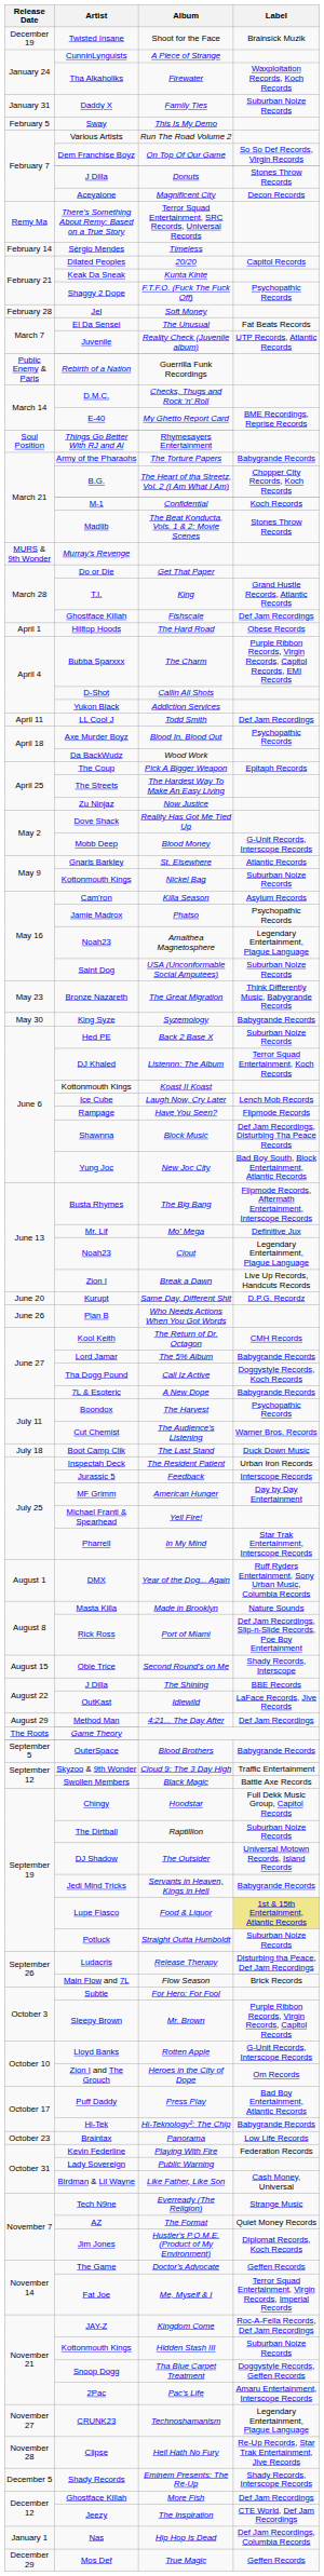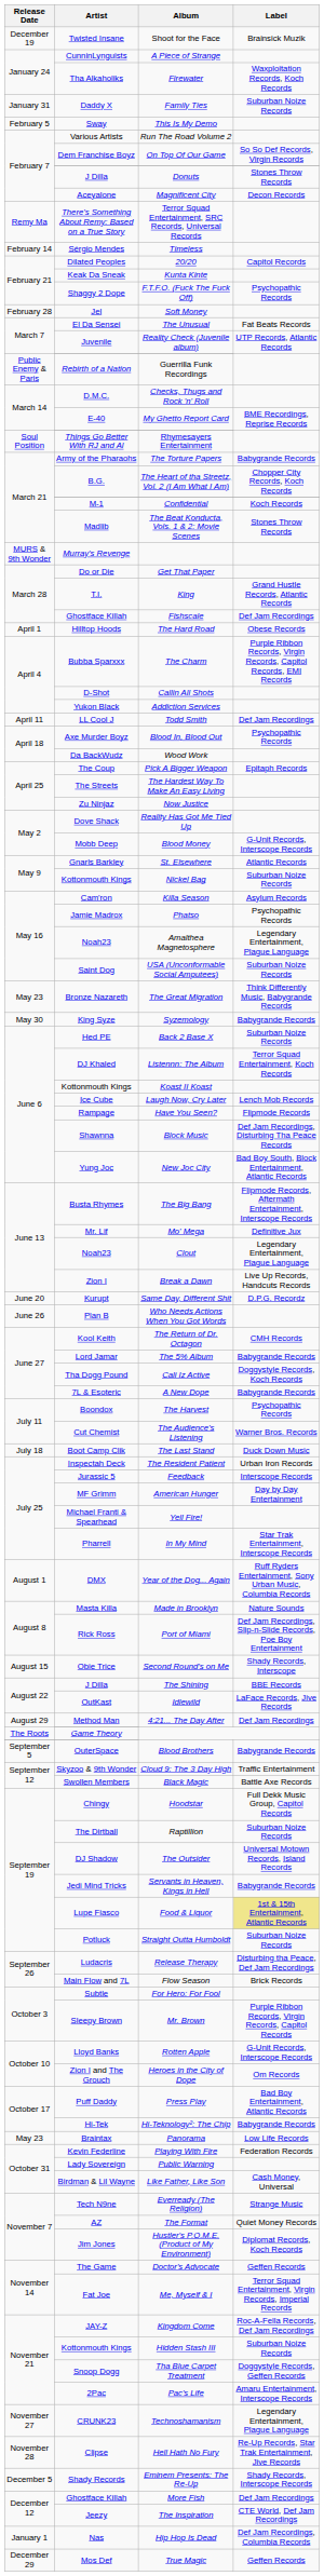 <table class="wikitable" style="text-align:center;">
 <tr>
 <th scope="col">Release Date</th>
 <th scope="col">Artist</th>
 <th scope="col">Album</th>
 <th scope="col">Label</th>
 </tr>
 <tr>
 <td>December 19</td>
 <td><a href='#'>Twisted Insane</a></td>
 <td>Shoot for the Face</td>
 <td>Brainsick Muzik</td>
 </tr>
 <tr>
 <td rowspan="2">January 24</td>
 <td><a href='#'>CunninLynguists</a></td>
 <td><em><a href='#'>A Piece of Strange</a></em></td>
 <td></td>
 </tr>
 <tr>
 <td><a href='#'>Tha Alkaholiks</a></td>
 <td><em><a href='#'>Firewater</a></em></td>
 <td><a href='#'>Waxploitation Records</a>, <a href='#'>Koch Records</a></td>
 </tr>
 <tr>
 <td>January 31</td>
 <td><a href='#'>Daddy X</a></td>
 <td><em><a href='#'>Family Ties</a></em></td>
 <td><a href='#'>Suburban Noize Records</a></td>
 </tr>
 <tr>
 <td>February 5</td>
 <td><a href='#'>Sway</a></td>
 <td><em><a href='#'>This Is My Demo</a></em></td>
 <td></td>
 </tr>
 <tr>
 <td rowspan="5">February 7</td>
 <td>Various Artists</td>
 <td><em>Run The Road Volume 2</em></td>
 <td></td>
 </tr>
 <tr>
 <td><a href='#'>Dem Franchise Boyz</a></td>
 <td><em><a href='#'>On Top Of Our Game</a></em></td>
 <td><a href='#'>So So Def Records</a>, <a href='#'>Virgin Records</a></td>
 </tr>
 <tr>
 </tr>
 <tr>
 <td><a href='#'>J Dilla</a></td>
 <td><em><a href='#'>Donuts</a></em></td>
 <td><a href='#'>Stones Throw Records</a></td>
 </tr>
 <tr>
 <td><a href='#'>Aceyalone</a></td>
 <td><em><a href='#'>Magnificent City</a></em></td>
 <td><a href='#'>Decon Records</a></td>
 </tr>
 <tr>
 <td><a href='#'>Remy Ma</a></td>
 <td><em><a href='#'>There's Something About Remy: Based on a True Story</a></em></td>
 <td><a href='#'>Terror Squad Entertainment</a>, <a href='#'>SRC Records</a>, <a href='#'>Universal Records</a></td>
 </tr>
 <tr>
 <td>February 14</td>
 <td><a href='#'>Sérgio Mendes</a></td>
 <td><em><a href='#'>Timeless</a></em></td>
 <td></td>
 </tr>
 <tr>
 <td rowspan="3">February 21</td>
 <td><a href='#'>Dilated Peoples</a></td>
 <td><em><a href='#'>20/20</a></em></td>
 <td><a href='#'>Capitol Records</a></td>
 </tr>
 <tr>
 <td><a href='#'>Keak Da Sneak</a></td>
 <td><em><a href='#'>Kunta Kinte</a></em></td>
 <td></td>
 </tr>
 <tr>
 <td><a href='#'>Shaggy 2 Dope</a></td>
 <td><em><a href='#'>F.T.F.O. (Fuck The Fuck Off)</a></em></td>
 <td><a href='#'>Psychopathic Records</a></td>
 </tr>
 <tr>
 <td>February 28</td>
 <td><a href='#'>Jel</a></td>
 <td><em><a href='#'>Soft Money</a></em></td>
 <td></td>
 </tr>
 <tr>
 <td rowspan="3">March 7</td>
 <td><a href='#'>El Da Sensei</a></td>
 <td><em><a href='#'>The Unusual</a></em></td>
 <td>Fat Beats Records</td>
 </tr>
 <tr>
 <td><a href='#'>Juvenile</a></td>
 <td><em><a href='#'>Reality Check (Juvenile album)</a></em></td>
 <td><a href='#'>UTP Records</a>, <a href='#'>Atlantic Records</a></td>
 </tr>
 <tr>
 </tr>
 <tr>
 <td><a href='#'>Public Enemy</a> & <a href='#'>Paris</a></td>
 <td><em><a href='#'>Rebirth of a Nation</a></em></td>
 <td>Guerrilla Funk Recordings</td>
 </tr>
 <tr>
 <td rowspan="3">March 14</td>
 <td><a href='#'>D.M.C.</a></td>
 <td><em><a href='#'>Checks, Thugs and Rock 'n' Roll</a></em></td>
 <td></td>
 </tr>
 <tr>
 <td><a href='#'>E-40</a></td>
 <td><em><a href='#'>My Ghetto Report Card</a></em></td>
 <td><a href='#'>BME Recordings</a>, <a href='#'>Reprise Records</a></td>
 </tr>
 <tr>
 </tr>
 <tr>
 <td><a href='#'>Soul Position</a></td>
 <td><em><a href='#'>Things Go Better With RJ and Al</a></em></td>
 <td><a href='#'>Rhymesayers Entertainment</a></td>
 </tr>
 <tr>
 <td rowspan="5">March 21</td>
 <td><a href='#'>Army of the Pharaohs</a></td>
 <td><em><a href='#'>The Torture Papers</a></em></td>
 <td><a href='#'>Babygrande Records</a></td>
 </tr>
 <tr>
 <td><a href='#'>B.G.</a></td>
 <td><em><a href='#'>The Heart of tha Streetz, Vol. 2 (I Am What I Am)</a></em></td>
 <td><a href='#'>Chopper City Records</a>, <a href='#'>Koch Records</a></td>
 </tr>
 <tr>
 </tr>
 <tr>
 <td><a href='#'>M-1</a></td>
 <td><em><a href='#'>Confidential</a></em></td>
 <td><a href='#'>Koch Records</a></td>
 </tr>
 <tr>
 <td><a href='#'>Madlib</a></td>
 <td><em><a href='#'>The Beat Konducta, Vols. 1 & 2: Movie Scenes</a></em></td>
 <td><a href='#'>Stones Throw Records</a></td>
 </tr>
 <tr>
 <td><a href='#'>MURS</a> & <a href='#'>9th Wonder</a></td>
 <td><em><a href='#'>Murray's Revenge</a></em></td>
 <td></td>
 </tr>
 <tr>
 <td rowspan="3">March 28</td>
 <td><a href='#'>Do or Die</a></td>
 <td><em><a href='#'>Get That Paper</a></em></td>
 <td></td>
 </tr>
 <tr>
 <td><a href='#'>T.I.</a></td>
 <td><em><a href='#'>King</a></em></td>
 <td><a href='#'>Grand Hustle Records</a>, <a href='#'>Atlantic Records</a></td>
 </tr>
 <tr>
 <td><a href='#'>Ghostface Killah</a></td>
 <td><em><a href='#'>Fishscale</a></em></td>
 <td><a href='#'>Def Jam Recordings</a></td>
 </tr>
 <tr>
 <td>April 1</td>
 <td><a href='#'>Hilltop Hoods</a></td>
 <td><em><a href='#'>The Hard Road</a></em></td>
 <td><a href='#'>Obese Records</a></td>
 </tr>
 <tr>
 <td rowspan="3">April 4</td>
 <td><a href='#'>Bubba Sparxxx</a></td>
 <td><em><a href='#'>The Charm</a></em></td>
 <td><a href='#'>Purple Ribbon Records</a>, <a href='#'>Virgin Records</a>, <a href='#'>Capitol Records</a>, <a href='#'>EMI Records</a></td>
 </tr>
 <tr>
 <td><a href='#'>D-Shot</a></td>
 <td><em><a href='#'>Callin All Shots</a></em></td>
 <td></td>
 </tr>
 <tr>
 <td><a href='#'>Yukon Black</a></td>
 <td><em><a href='#'>Addiction Services</a></em></td>
 <td></td>
 </tr>
 <tr>
 <td>April 11</td>
 <td><a href='#'>LL Cool J</a></td>
 <td><em><a href='#'>Todd Smith</a></em></td>
 <td><a href='#'>Def Jam Recordings</a></td>
 </tr>
 <tr>
 <td rowspan="2">April 18</td>
 <td><a href='#'>Axe Murder Boyz</a></td>
 <td><em><a href='#'>Blood In, Blood Out</a></em></td>
 <td><a href='#'>Psychopathic Records</a></td>
 </tr>
 <tr>
 <td><a href='#'>Da BackWudz</a></td>
 <td><em>Wood Work</em></td>
 <td></td>
 </tr>
 <tr>
 <td rowspan="3">April 25</td>
 <td><a href='#'>The Coup</a></td>
 <td><em><a href='#'>Pick A Bigger Weapon</a></em></td>
 <td><a href='#'>Epitaph Records</a></td>
 </tr>
 <tr>
 <td><a href='#'>The Streets</a></td>
 <td><em><a href='#'>The Hardest Way To Make An Easy Living</a></em></td>
 <td></td>
 </tr>
 <tr>
 <td><a href='#'>Zu Ninjaz</a></td>
 <td><em><a href='#'>Now Justice</a></em></td>
 <td></td>
 </tr>
 <tr>
 <td rowspan="2">May 2</td>
 <td><a href='#'>Dove Shack</a></td>
 <td><em><a href='#'>Reality Has Got Me Tied Up</a></em></td>
 <td></td>
 </tr>
 <tr>
 <td><a href='#'>Mobb Deep</a></td>
 <td><em><a href='#'>Blood Money</a></em></td>
 <td><a href='#'>G-Unit Records</a>, <a href='#'>Interscope Records</a></td>
 </tr>
 <tr>
 <td rowspan="2">May 9</td>
 <td><a href='#'>Gnarls Barkley</a></td>
 <td><em><a href='#'>St. Elsewhere</a></em></td>
 <td><a href='#'>Atlantic Records</a></td>
 </tr>
 <tr>
 <td><a href='#'>Kottonmouth Kings</a></td>
 <td><em><a href='#'>Nickel Bag</a></em></td>
 <td><a href='#'>Suburban Noize Records</a></td>
 </tr>
 <tr>
 <td rowspan="4">May 16</td>
 <td><a href='#'>Cam'ron</a></td>
 <td><em><a href='#'>Killa Season</a></em></td>
 <td><a href='#'>Asylum Records</a></td>
 </tr>
 <tr>
 <td><a href='#'>Jamie Madrox</a></td>
 <td><em><a href='#'>Phatso</a></em></td>
 <td>Psychopathic Records</td>
 </tr>
 <tr>
 <td><a href='#'>Noah23</a></td>
 <td><em>Amalthea Magnetosphere</em></td>
 <td>Legendary Entertainment, <a href='#'>Plague Language</a></td>
 </tr>
 <tr>
 <td><a href='#'>Saint Dog</a></td>
 <td><em><a href='#'>USA (Unconformable Social Amputees)</a></em></td>
 <td><a href='#'>Suburban Noize Records</a></td>
 </tr>
 <tr>
 <td>May 23</td>
 <td><a href='#'>Bronze Nazareth</a></td>
 <td><em><a href='#'>The Great Migration</a></em></td>
 <td><a href='#'>Think Differently Music</a>, <a href='#'>Babygrande Records</a></td>
 </tr>
 <tr>
 <td>May 30</td>
 <td><a href='#'>King Syze</a></td>
 <td><em><a href='#'>Syzemology</a></em></td>
 <td><a href='#'>Babygrande Records</a></td>
 </tr>
 <tr>
 <td rowspan="7">June 6</td>
 <td><a href='#'>Hed PE</a></td>
 <td><em><a href='#'>Back 2 Base X</a></em></td>
 <td><a href='#'>Suburban Noize Records</a></td>
 </tr>
 <tr>
 <td><a href='#'>DJ Khaled</a></td>
 <td><em><a href='#'>Listennn: The Album</a></em></td>
 <td><a href='#'>Terror Squad Entertainment</a>, <a href='#'>Koch Records</a></td>
 </tr>
 <tr>
 <td>Kottonmouth Kings</td>
 <td><em><a href='#'>Koast II Koast</a></em></td>
 </tr>
 <tr>
 <td><a href='#'>Ice Cube</a></td>
 <td><em><a href='#'>Laugh Now, Cry Later</a></em></td>
 <td><a href='#'>Lench Mob Records</a></td>
 </tr>
 <tr>
 <td><a href='#'>Rampage</a></td>
 <td><em><a href='#'>Have You Seen?</a></em></td>
 <td><a href='#'>Flipmode Records</a></td>
 </tr>
 <tr>
 <td><a href='#'>Shawnna</a></td>
 <td><em><a href='#'>Block Music</a></em></td>
 <td><a href='#'>Def Jam Recordings</a>, <a href='#'>Disturbing Tha Peace Records</a></td>
 </tr>
 <tr>
 <td><a href='#'>Yung Joc</a></td>
 <td><em><a href='#'>New Joc City</a></em></td>
 <td><a href='#'>Bad Boy South</a>, <a href='#'>Block Entertainment</a>, <a href='#'>Atlantic Records</a></td>
 </tr>
 <tr>
 <td rowspan="4">June 13</td>
 <td><a href='#'>Busta Rhymes</a></td>
 <td><em><a href='#'>The Big Bang</a></em></td>
 <td><a href='#'>Flipmode Records</a>, <a href='#'>Aftermath Entertainment</a>, <a href='#'>Interscope Records</a></td>
 </tr>
 <tr>
 <td><a href='#'>Mr. Lif</a></td>
 <td><em><a href='#'>Mo' Mega</a></em></td>
 <td><a href='#'>Definitive Jux</a></td>
 </tr>
 <tr>
 <td><a href='#'>Noah23</a></td>
 <td><em><a href='#'>Clout</a></em></td>
 <td>Legendary Entertainment, <a href='#'>Plague Language</a></td>
 </tr>
 <tr>
 <td><a href='#'>Zion I</a></td>
 <td><em><a href='#'>Break a Dawn</a></em></td>
 <td>Live Up Records, Handcuts Records</td>
 </tr>
 <tr>
 <td>June 20</td>
 <td><a href='#'>Kurupt</a></td>
 <td><em><a href='#'>Same Day, Different Shit</a></em></td>
 <td><a href='#'>D.P.G. Recordz</a></td>
 </tr>
 <tr>
 <td>June 26</td>
 <td><a href='#'>Plan B</a></td>
 <td><em><a href='#'>Who Needs Actions When You Got Words</a></em></td>
 <td></td>
 </tr>
 <tr>
 <td rowspan="4">June 27</td>
 <td><a href='#'>Kool Keith</a></td>
 <td><em><a href='#'>The Return of Dr. Octagon</a></em></td>
 <td><a href='#'>CMH Records</a></td>
 </tr>
 <tr>
 <td><a href='#'>Lord Jamar</a></td>
 <td><em><a href='#'>The 5% Album</a></em></td>
 <td><a href='#'>Babygrande Records</a></td>
 </tr>
 <tr>
 <td><a href='#'>Tha Dogg Pound</a></td>
 <td><em><a href='#'>Cali Iz Active</a></em></td>
 <td><a href='#'>Doggystyle Records</a>, <a href='#'>Koch Records</a></td>
 </tr>
 <tr>
 <td><a href='#'>7L & Esoteric</a></td>
 <td><em><a href='#'>A New Dope</a></em></td>
 <td><a href='#'>Babygrande Records</a></td>
 </tr>
 <tr>
 <td rowspan="2">July 11</td>
 <td><a href='#'>Boondox</a></td>
 <td><em><a href='#'>The Harvest</a></em></td>
 <td><a href='#'>Psychopathic Records</a></td>
 </tr>
 <tr>
 <td><a href='#'>Cut Chemist</a></td>
 <td><em><a href='#'>The Audience's Listening</a></em></td>
 <td><a href='#'>Warner Bros. Records</a></td>
 </tr>
 <tr>
 <td>July 18</td>
 <td><a href='#'>Boot Camp Clik</a></td>
 <td><em><a href='#'>The Last Stand</a></em></td>
 <td><a href='#'>Duck Down Music</a></td>
 </tr>
 <tr>
 <td rowspan="5">July 25</td>
 <td><a href='#'>Inspectah Deck</a></td>
 <td><em><a href='#'>The Resident Patient</a></em></td>
 <td>Urban Iron Records</td>
 </tr>
 <tr>
 <td><a href='#'>Jurassic 5</a></td>
 <td><em><a href='#'>Feedback</a></em></td>
 <td><a href='#'>Interscope Records</a></td>
 </tr>
 <tr>
 <td><a href='#'>MF Grimm</a></td>
 <td><em><a href='#'>American Hunger</a></em></td>
 <td><a href='#'>Day by Day Entertainment</a></td>
 </tr>
 <tr>
 <td><a href='#'>Michael Franti & Spearhead</a></td>
 <td><em><a href='#'>Yell Fire!</a></em></td>
 <td></td>
 </tr>
 <tr>
 <td><a href='#'>Pharrell</a></td>
 <td><em><a href='#'>In My Mind</a></em></td>
 <td><a href='#'>Star Trak Entertainment</a>, <a href='#'>Interscope Records</a></td>
 </tr>
 <tr>
 <td>August 1</td>
 <td><a href='#'>DMX</a></td>
 <td><em><a href='#'>Year of the Dog... Again</a></em></td>
 <td><a href='#'>Ruff Ryders Entertainment</a>, <a href='#'>Sony Urban Music</a>, <a href='#'>Columbia Records</a></td>
 </tr>
 <tr>
 <td rowspan="2">August 8</td>
 <td><a href='#'>Masta Killa</a></td>
 <td><em><a href='#'>Made in Brooklyn</a></em></td>
 <td><a href='#'>Nature Sounds</a></td>
 </tr>
 <tr>
 <td><a href='#'>Rick Ross</a></td>
 <td><em><a href='#'>Port of Miami</a></em></td>
 <td><a href='#'>Def Jam Recordings</a>, <a href='#'>Slip-n-Slide Records</a>, <a href='#'>Poe Boy Entertainment</a></td>
 </tr>
 <tr>
 <td>August 15</td>
 <td><a href='#'>Obie Trice</a></td>
 <td><em><a href='#'>Second Round's on Me</a></em></td>
 <td><a href='#'>Shady Records</a>, <a href='#'>Interscope</a></td>
 </tr>
 <tr>
 <td rowspan="2">August 22</td>
 <td><a href='#'>J Dilla</a></td>
 <td><em><a href='#'>The Shining</a></em></td>
 <td><a href='#'>BBE Records</a></td>
 </tr>
 <tr>
 <td><a href='#'>OutKast</a></td>
 <td><em><a href='#'>Idlewild</a></em></td>
 <td><a href='#'>LaFace Records</a>, <a href='#'>Jive Records</a></td>
 </tr>
 <tr>
 <td rowspan="2">August 29</td>
 <td><a href='#'>Method Man</a></td>
 <td><em><a href='#'>4:21... The Day After</a></em></td>
 <td rowspan="2"><a href='#'>Def Jam Recordings</a></td>
 </tr>
 <tr>
 </tr>
 <tr>
 <td><a href='#'>The Roots</a></td>
 <td><em><a href='#'>Game Theory</a></em></td>
 </tr>
 <tr>
 </tr>
 <tr>
 <td>September 5</td>
 <td><a href='#'>OuterSpace</a></td>
 <td><em><a href='#'>Blood Brothers</a></em></td>
 <td><a href='#'>Babygrande Records</a></td>
 </tr>
 <tr>
 <td rowspan="2">September 12</td>
 <td><a href='#'>Skyzoo</a> & <a href='#'>9th Wonder</a></td>
 <td><em><a href='#'>Cloud 9: The 3 Day High</a></em></td>
 <td>Traffic Entertainment</td>
 </tr>
 <tr>
 <td><a href='#'>Swollen Members</a></td>
 <td><em><a href='#'>Black Magic</a></em></td>
 <td>Battle Axe Records</td>
 </tr>
 <tr>
 <td rowspan="6">September 19</td>
 <td><a href='#'>Chingy</a></td>
 <td><em><a href='#'>Hoodstar</a></em></td>
 <td>Full Dekk Music Group, <a href='#'>Capitol Records</a></td>
 </tr>
 <tr>
 <td><a href='#'>The Dirtball</a></td>
 <td><em>Raptillion</em></td>
 <td><a href='#'>Suburban Noize Records</a></td>
 </tr>
 <tr>
 <td><a href='#'>DJ Shadow</a></td>
 <td><em><a href='#'>The Outsider</a></em></td>
 <td><a href='#'>Universal Motown Records</a>, <a href='#'>Island Records</a></td>
 </tr>
 <tr>
 <td><a href='#'>Jedi Mind Tricks</a></td>
 <td><em><a href='#'>Servants in Heaven, Kings in Hell</a></em></td>
 <td><a href='#'>Babygrande Records</a></td>
 </tr>
 <tr>
 <td><a href='#'>Lupe Fiasco</a></td>
 <td><em><a href='#'>Food & Liquor</a></em></td>
 <td style="background: khaki;"><a href='#'>1st & 15th Entertainment</a>, <a href='#'>Atlantic Records</a></td>
 </tr>
 <tr>
 <td><a href='#'>Potluck</a></td>
 <td><em><a href='#'>Straight Outta Humboldt</a></em></td>
 <td><a href='#'>Suburban Noize Records</a></td>
 </tr>
 <tr>
 <td rowspan="2">September 26</td>
 <td><a href='#'>Ludacris</a></td>
 <td><em><a href='#'>Release Therapy</a></em></td>
 <td><a href='#'>Disturbing tha Peace</a>, <a href='#'>Def Jam Recordings</a></td>
 </tr>
 <tr>
 <td><a href='#'>Main Flow</a> and <a href='#'>7L</a></td>
 <td><em>Flow Season</em></td>
 <td>Brick Records</td>
 </tr>
 <tr>
 <td rowspan="2">October 3</td>
 <td><a href='#'>Subtle</a></td>
 <td><em><a href='#'>For Hero: For Fool</a></em></td>
 <td></td>
 </tr>
 <tr>
 <td><a href='#'>Sleepy Brown</a></td>
 <td><em><a href='#'>Mr. Brown</a></em></td>
 <td><a href='#'>Purple Ribbon Records</a>, <a href='#'>Virgin Records</a>, <a href='#'>Capitol Records</a></td>
 </tr>
 <tr>
 <td rowspan="2">October 10</td>
 <td><a href='#'>Lloyd Banks</a></td>
 <td><em><a href='#'>Rotten Apple</a></em></td>
 <td><a href='#'>G-Unit Records</a>, <a href='#'>Interscope Records</a></td>
 </tr>
 <tr>
 <td><a href='#'>Zion I</a> and <a href='#'>The Grouch</a></td>
 <td><em><a href='#'>Heroes in the City of Dope</a></em></td>
 <td><a href='#'>Om Records</a></td>
 </tr>
 <tr>
 <td rowspan="2">October 17</td>
 <td><a href='#'>Puff Daddy</a></td>
 <td><em><a href='#'>Press Play</a></em></td>
 <td><a href='#'>Bad Boy Entertainment</a>, <a href='#'>Atlantic Records</a></td>
 </tr>
 <tr>
 <td><a href='#'>Hi-Tek</a></td>
 <td><em><a href='#'>Hi-Teknology²: The Chip</a></em></td>
 <td><a href='#'>Babygrande Records</a></td>
 </tr>
 <tr>
-<td>October 23</td>
+<td>May 23</td>
 <td><a href='#'>Braintax</a></td>
 <td><em><a href='#'>Panorama</a></em></td>
 <td><a href='#'>Low Life Records</a></td>
 </tr>
 <tr>
 <td rowspan="3">October 31</td>
 <td><a href='#'>Kevin Federline</a></td>
 <td><em><a href='#'>Playing With Fire</a></em></td>
 <td>Federation Records</td>
 </tr>
 <tr>
 <td><a href='#'>Lady Sovereign</a></td>
 <td><em><a href='#'>Public Warning</a></em></td>
 <td></td>
 </tr>
 <tr>
 <td><a href='#'>Birdman</a> & <a href='#'>Lil Wayne</a></td>
 <td><em><a href='#'>Like Father, Like Son</a></em></td>
 <td><a href='#'>Cash Money</a>, Universal</td>
 </tr>
 <tr>
 <td rowspan="3">November 7</td>
 <td><a href='#'>Tech N9ne</a></td>
 <td><em><a href='#'>Everready (The Religion)</a></em></td>
 <td><a href='#'>Strange Music</a></td>
 </tr>
 <tr>
 <td><a href='#'>AZ</a></td>
 <td><em><a href='#'>The Format</a></em></td>
 <td>Quiet Money Records</td>
 </tr>
 <tr>
 <td><a href='#'>Jim Jones</a></td>
 <td><em><a href='#'>Hustler's P.O.M.E. (Product of My Environment)</a></em></td>
 <td><a href='#'>Diplomat Records</a>, <a href='#'>Koch Records</a></td>
 </tr>
 <tr>
 <td rowspan="2">November 14</td>
 <td><a href='#'>The Game</a></td>
 <td><em><a href='#'>Doctor's Advocate</a></em></td>
 <td><a href='#'>Geffen Records</a></td>
 </tr>
 <tr>
 <td><a href='#'>Fat Joe</a></td>
 <td><em><a href='#'>Me, Myself & I</a></em></td>
 <td><a href='#'>Terror Squad Entertainment</a>, <a href='#'>Virgin Records</a>, <a href='#'>Imperial Records</a></td>
 </tr>
 <tr>
 <td rowspan="4">November 21</td>
 <td><a href='#'>JAY-Z</a></td>
 <td><em><a href='#'>Kingdom Come</a></em></td>
 <td><a href='#'>Roc-A-Fella Records</a>, <a href='#'>Def Jam Recordings</a></td>
 </tr>
 <tr>
 <td><a href='#'>Kottonmouth Kings</a></td>
 <td><em><a href='#'>Hidden Stash III</a></em></td>
 <td><a href='#'>Suburban Noize Records</a></td>
 </tr>
 <tr>
 <td><a href='#'>Snoop Dogg</a></td>
 <td><em><a href='#'>Tha Blue Carpet Treatment</a></em></td>
 <td><a href='#'>Doggystyle Records</a>, <a href='#'>Geffen Records</a></td>
 </tr>
 <tr>
 <td><a href='#'>2Pac</a></td>
 <td><em><a href='#'>Pac's Life</a></em></td>
 <td><a href='#'>Amaru Entertainment</a>, <a href='#'>Interscope Records</a></td>
 </tr>
 <tr>
 <td>November 27</td>
 <td><a href='#'>CRUNK23</a></td>
 <td><em><a href='#'>Technoshamanism</a></em></td>
 <td>Legendary Entertainment, <a href='#'>Plague Language</a></td>
 </tr>
 <tr>
 <td>November 28</td>
 <td><a href='#'>Clipse</a></td>
 <td><em><a href='#'>Hell Hath No Fury</a></em></td>
 <td><a href='#'>Re-Up Records</a>, <a href='#'>Star Trak Entertainment</a>, <a href='#'>Jive Records</a></td>
 </tr>
 <tr>
 <td>December 5</td>
 <td><a href='#'>Shady Records</a></td>
 <td><em><a href='#'>Eminem Presents: The Re-Up</a></em></td>
 <td><a href='#'>Shady Records</a>, <a href='#'>Interscope Records</a></td>
 </tr>
 <tr>
 <td rowspan="2">December 12</td>
 <td><a href='#'>Ghostface Killah</a></td>
 <td><em><a href='#'>More Fish</a></em></td>
 <td><a href='#'>Def Jam Recordings</a></td>
 </tr>
 <tr>
 <td><a href='#'>Jeezy</a></td>
 <td><em><a href='#'>The Inspiration</a></em></td>
 <td><a href='#'>CTE World</a>, <a href='#'>Def Jam Recordings</a></td>
 </tr>
 <tr>
 <td>January 1</td>
 <td><a href='#'>Nas</a></td>
 <td><em><a href='#'>Hip Hop Is Dead</a></em></td>
 <td><a href='#'>Def Jam Recordings</a>, <a href='#'>Columbia Records</a></td>
 </tr>
 <tr>
 <td>December 29</td>
 <td><a href='#'>Mos Def</a></td>
 <td><em><a href='#'>True Magic</a></em></td>
 <td><a href='#'>Geffen Records</a></td>
 </tr>
 </table>
